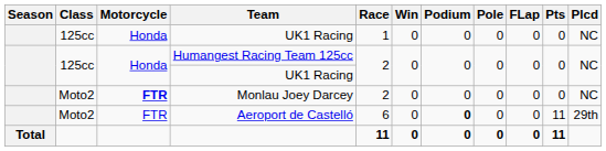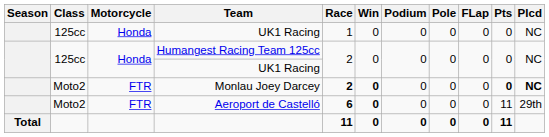 <table class="wikitable" style=text-align:right>
 <tr>
 <th>Season</th>
 <th>Class</th>
 <th>Motorcycle</th>
 <th>Team</th>
 <th>Race</th>
 <th>Win</th>
 <th>Podium</th>
 <th>Pole</th>
 <th>FLap</th>
 <th>Pts</th>
 <th>Plcd</th>
 </tr>
 <tr>
 <th></th>
 <td>125cc</td>
 <td><a href='#'>Honda</a></td>
 <td>UK1 Racing</td>
 <td>1</td>
 <td>0</td>
 <td>0</td>
 <td>0</td>
 <td>0</td>
 <td>0</td>
 <td>NC</td>
 </tr>
 <tr>
 <th rowspan=2></th>
 <td rowspan=2>125cc</td>
 <td rowspan=2><a href='#'>Honda</a></td>
 <td><a href='#'>Humangest Racing Team 125cc</a></td>
 <td rowspan=2>2</td>
 <td rowspan=2>0</td>
 <td rowspan=2>0</td>
 <td rowspan=2>0</td>
 <td rowspan=2>0</td>
 <td rowspan=2>0</td>
 <td rowspan=2>NC</td>
 </tr>
 <tr>
 <td>UK1 Racing</td>
 </tr>
 <tr>
 <th></th>
 <td>Moto2</td>
-<td><strong><a href='#'>FTR</a></strong></td>
+<td><a href='#'>FTR</a></td>
 <td>Monlau Joey Darcey</td>
-<td>2</td>
+<td><strong>2</strong></td>
+<td><strong>0</strong></td>
 <td>0</td>
 <td>0</td>
 <td>0</td>
-<td>0</td>
-<td>0</td>
-<td>NC</td>
+<td><strong>0</strong></td>
+<td><strong>NC</strong></td>
 </tr>
 <tr>
 <th></th>
 <td>Moto2</td>
 <td><a href='#'>FTR</a></td>
 <td><a href='#'>Aeroport de Castelló</a></td>
-<td>6</td>
+<td><strong>6</strong></td>
+<td><strong>0</strong></td>
 <td>0</td>
-<td><strong>0</strong></td>
 <td>0</td>
 <td>0</td>
 <td>11</td>
 <td>29th</td>
 </tr>
 <tr>
 <th>Total</th>
 <td></td>
 <td></td>
 <td></td>
 <td><strong>11</strong></td>
 <td><strong>0</strong></td>
 <td><strong>0</strong></td>
 <td><strong>0</strong></td>
 <td><strong>0</strong></td>
 <td><strong>11</strong></td>
 <td></td>
 </tr>
 </table>
